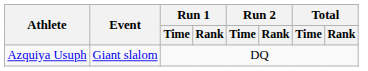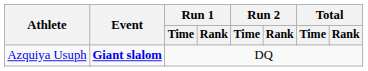 <table class="wikitable" style="font-size:90%">
 <tr>
 <th rowspan=2>Athlete</th>
 <th rowspan=2>Event</th>
 <th colspan=2>Run 1</th>
 <th colspan=2>Run 2</th>
 <th colspan=2>Total</th>
 </tr>
 <tr style="font-size:95%">
 <th>Time</th>
 <th>Rank</th>
 <th>Time</th>
 <th>Rank</th>
 <th>Time</th>
 <th>Rank</th>
 </tr>
 <tr align=center>
 <td align=left><a href='#'>Azquiya Usuph</a></td>
-<td align=left><a href='#'>Giant slalom</a></td>
+<td align=left><strong><a href='#'>Giant slalom</a></strong></td>
 <td colspan=6>DQ</td>
 </tr>
 </table>
